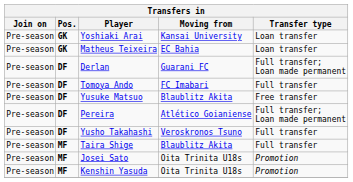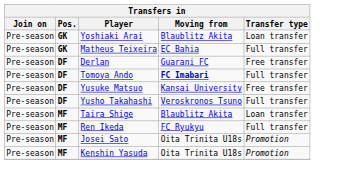 <table class="wikitable sortable" style=“text-align:left;>
 <tr>
 <th colspan="5">Transfers in</th>
 </tr>
 <tr>
 <th>Join on</th>
 <th>Pos.</th>
 <th>Player</th>
 <th>Moving from</th>
 <th>Transfer type</th>
 </tr>
 <tr>
 <td>Pre-season</td>
 <td><strong>GK</strong></td>
 <td> <a href='#'>Yoshiaki Arai</a></td>
-<td> <a href='#'>Kansai University</a></td>
+<td> <a href='#'>Blaublitz Akita</a></td>
 <td>Loan transfer</td>
 </tr>
 <tr>
 <td>Pre-season</td>
 <td><strong>GK</strong></td>
 <td> <a href='#'>Matheus Teixeira</a></td>
 <td> <a href='#'>EC Bahia</a></td>
-<td>Loan transfer</td>
+<td>Full transfer</td>
 </tr>
 <tr>
 <td>Pre-season</td>
 <td><strong>DF</strong></td>
 <td> <a href='#'>Derlan</a></td>
 <td> <a href='#'>Guarani FC</a></td>
-<td>Full transfer;<br> Loan made permanent</td>
+<td>Free transfer</td>
 </tr>
 <tr>
 <td>Pre-season</td>
 <td><strong>DF</strong></td>
 <td> <a href='#'>Tomoya Ando</a></td>
-<td> <a href='#'>FC Imabari</a></td>
+<td><strong> <a href='#'>FC Imabari</a></strong></td>
 <td>Full transfer</td>
 </tr>
 <tr>
 <td>Pre-season</td>
 <td><strong>DF</strong></td>
 <td> <a href='#'>Yusuke Matsuo</a></td>
-<td> <a href='#'>Blaublitz Akita</a></td>
+<td> <a href='#'>Kansai University</a></td>
 <td>Free transfer</td>
-</tr>
-<tr>
-<td>Pre-season</td>
-<td><strong>DF</strong></td>
-<td> <a href='#'>Pereira</a></td>
-<td> <a href='#'>Atlético Goianiense</a></td>
-<td>Full transfer;<br> Loan made permanent</td>
 </tr>
 <tr>
 <td>Pre-season</td>
 <td><strong>DF</strong></td>
 <td> <a href='#'>Yusho Takahashi</a></td>
 <td> <a href='#'>Veroskronos Tsuno</a></td>
 <td>Full transfer</td>
 </tr>
 <tr>
 <td>Pre-season</td>
 <td><strong>MF</strong></td>
 <td> <a href='#'>Taira Shige</a></td>
 <td> <a href='#'>Blaublitz Akita</a></td>
+<td>Loan transfer</td>
+</tr>
+<tr>
+<td>Pre-season</td>
+<td><strong>MF</strong></td>
+<td> <a href='#'>Ren Ikeda</a></td>
+<td> <a href='#'>FC Ryukyu</a></td>
 <td>Full transfer</td>
 </tr>
 <tr>
 <td>Pre-season</td>
 <td><strong>MF</strong></td>
 <td> <a href='#'>Josei Sato</a></td>
 <td>Oita Trinita U18s</td>
 <td><em>Promotion</em></td>
 </tr>
 <tr>
 <td>Pre-season</td>
 <td><strong>MF</strong></td>
 <td> <a href='#'>Kenshin Yasuda</a></td>
 <td>Oita Trinita U18s</td>
 <td><em>Promotion</em></td>
 </tr>
 <tr>
 </tr>
 </table>
